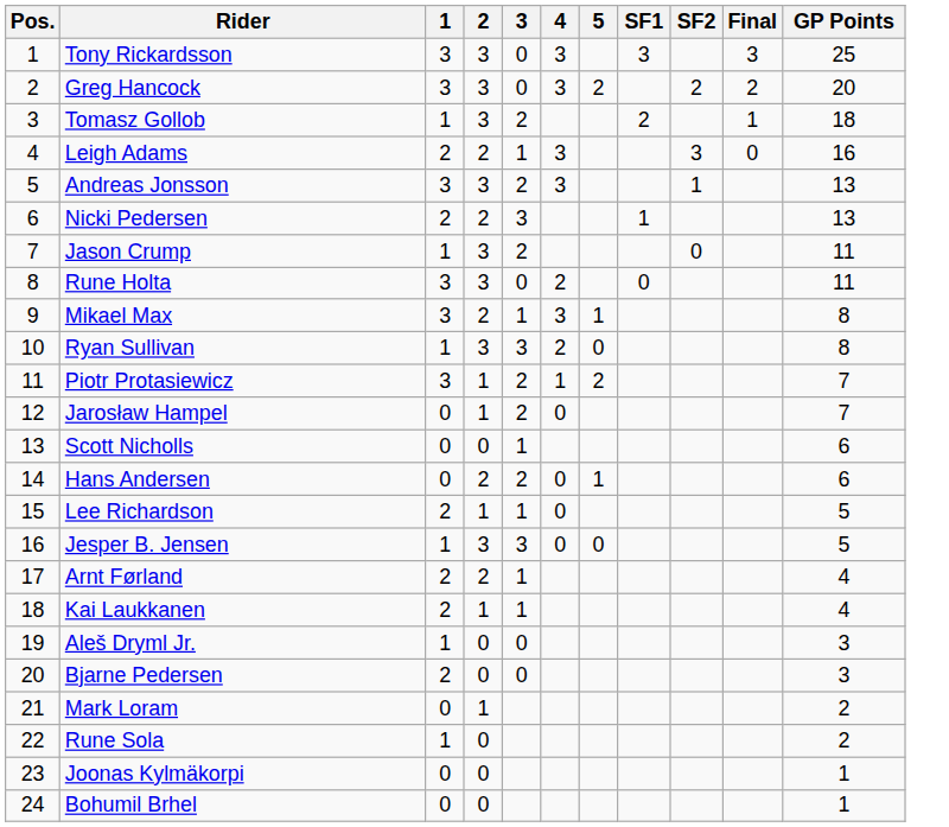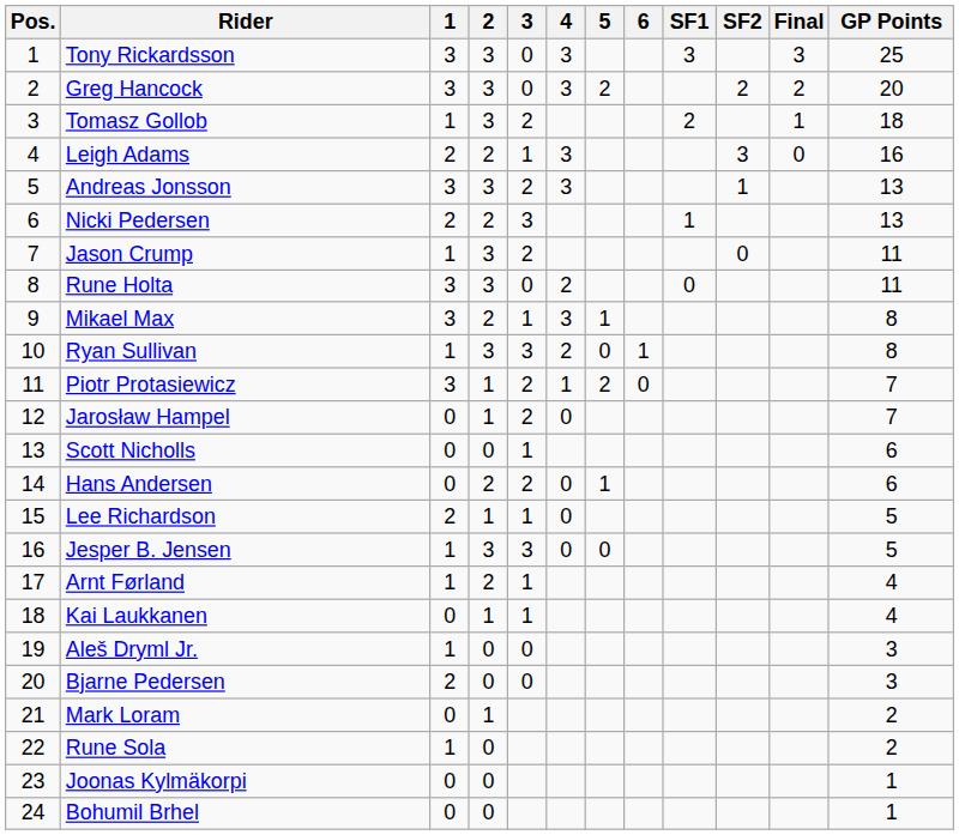 <table class=wikitable style="font-size:93%;">
 <tr>
 <th width=25px>Pos.</th>
 <th width=250px>Rider</th>
 <th width=20px>1</th>
 <th width=20px>2</th>
 <th width=20px>3</th>
 <th width=20px>4</th>
 <th width=20px>5</th>
+<th width=20px>6</th>
 <th width=30px>SF1</th>
 <th width=30px>SF2</th>
 <th width=30px>Final</th>
 <th width=80px>GP Points</th>
 </tr>
 <tr align=center style="background-color:">
 <td>1</td>
 <td align=left> <a href='#'>Tony Rickardsson</a></td>
 <td>3</td>
 <td>3</td>
 <td>0</td>
 <td>3</td>
+<td></td>
 <td></td>
 <td>  3</td>
 <td></td>
 <td>3</td>
 <td>25</td>
 </tr>
 <tr align=center style="background-color:">
 <td>2</td>
 <td align=left> <a href='#'>Greg Hancock</a></td>
 <td>3</td>
 <td>3</td>
 <td>0</td>
 <td>3</td>
 <td>2</td>
 <td></td>
+<td></td>
 <td>2</td>
 <td>2</td>
 <td>20</td>
 </tr>
 <tr align=center style="background-color:">
 <td>3</td>
 <td align=left> <a href='#'>Tomasz Gollob</a></td>
 <td>1</td>
 <td>3</td>
 <td>2</td>
+<td></td>
 <td></td>
 <td></td>
 <td>2</td>
 <td></td>
 <td>1</td>
 <td>18</td>
 </tr>
 <tr align=center>
 <td>4</td>
 <td align=left> <a href='#'>Leigh Adams</a></td>
 <td>2</td>
 <td>2</td>
 <td>1</td>
 <td>3</td>
 <td></td>
 <td></td>
+<td></td>
 <td>3</td>
 <td>0</td>
 <td>16</td>
 </tr>
 <tr align=center>
 <td>5</td>
 <td align=left> <a href='#'>Andreas Jonsson</a></td>
 <td>3</td>
 <td>3</td>
 <td>2</td>
 <td>3</td>
 <td></td>
 <td></td>
+<td></td>
 <td>1</td>
 <td></td>
 <td>13</td>
 </tr>
 <tr align=center>
 <td>6</td>
 <td align=left> <a href='#'>Nicki Pedersen</a></td>
 <td>2</td>
 <td>2</td>
 <td>3</td>
+<td></td>
 <td></td>
 <td></td>
 <td>1</td>
 <td></td>
 <td></td>
 <td>13</td>
 </tr>
 <tr align=center>
 <td>7</td>
 <td align=left> <a href='#'>Jason Crump</a></td>
 <td>1</td>
 <td>3</td>
 <td>2</td>
 <td></td>
 <td></td>
 <td></td>
+<td></td>
 <td>0</td>
 <td></td>
 <td>11</td>
 </tr>
 <tr align=center>
 <td>8</td>
 <td align=left> <a href='#'>Rune Holta</a></td>
 <td>3</td>
 <td>3</td>
 <td>0</td>
 <td>2</td>
+<td></td>
 <td></td>
 <td>0</td>
 <td></td>
 <td></td>
 <td>11</td>
 </tr>
 <tr align=center>
 <td>9</td>
 <td align=left> <a href='#'>Mikael Max</a></td>
 <td>3</td>
 <td>2</td>
 <td>1</td>
 <td>3</td>
 <td>1</td>
 <td></td>
 <td></td>
 <td></td>
+<td></td>
 <td>8</td>
 </tr>
 <tr align=center>
 <td>10</td>
 <td align=left> <a href='#'>Ryan Sullivan</a></td>
 <td>1</td>
 <td>3</td>
 <td>3</td>
 <td>2</td>
 <td>0</td>
+<td>1</td>
 <td></td>
 <td></td>
 <td></td>
 <td>8</td>
 </tr>
 <tr align=center>
 <td>11</td>
 <td align=left> <a href='#'>Piotr Protasiewicz</a></td>
 <td>3</td>
 <td>1</td>
 <td>2</td>
 <td>1</td>
 <td>2</td>
+<td>0</td>
 <td></td>
 <td></td>
 <td></td>
 <td>7</td>
 </tr>
 <tr align=center>
 <td>12</td>
 <td align=left> <a href='#'>Jarosław Hampel</a></td>
 <td>0</td>
 <td>1</td>
 <td>2</td>
 <td>0</td>
 <td></td>
 <td></td>
 <td></td>
 <td></td>
+<td></td>
 <td>7</td>
 </tr>
 <tr align=center>
 <td>13</td>
 <td align=left> <a href='#'>Scott Nicholls</a></td>
 <td>0</td>
 <td>0</td>
 <td>1</td>
+<td></td>
 <td></td>
 <td></td>
 <td></td>
 <td></td>
 <td></td>
 <td>6</td>
 </tr>
 <tr align=center>
 <td>14</td>
 <td align=left> <a href='#'>Hans Andersen</a></td>
 <td>0</td>
 <td>2</td>
 <td>2</td>
 <td>0</td>
 <td>1</td>
 <td></td>
 <td></td>
 <td></td>
+<td></td>
 <td>6</td>
 </tr>
 <tr align=center>
 <td>15</td>
 <td align=left> <a href='#'>Lee Richardson</a></td>
 <td>2</td>
 <td>1</td>
 <td>1</td>
 <td>0</td>
+<td></td>
 <td></td>
 <td></td>
 <td></td>
 <td></td>
 <td>5</td>
 </tr>
 <tr align=center>
 <td>16</td>
 <td align=left> <a href='#'>Jesper B. Jensen</a></td>
 <td>1</td>
 <td>3</td>
 <td>3</td>
 <td>0</td>
 <td>0</td>
 <td></td>
 <td></td>
 <td></td>
+<td></td>
 <td>5</td>
 </tr>
 <tr align=center>
 <td>17</td>
 <td align=left> <a href='#'>Arnt Førland</a></td>
-<td>2</td>
+<td>1</td>
 <td>2</td>
 <td>1</td>
+<td></td>
 <td></td>
 <td></td>
 <td></td>
 <td></td>
 <td></td>
 <td>4</td>
 </tr>
 <tr align=center>
 <td>18</td>
 <td align=left> <a href='#'>Kai Laukkanen</a></td>
-<td>2</td>
+<td>0</td>
 <td>1</td>
 <td>1</td>
+<td></td>
 <td></td>
 <td></td>
 <td></td>
 <td></td>
 <td></td>
 <td>4</td>
 </tr>
 <tr align=center>
 <td>19</td>
 <td align=left> <a href='#'>Aleš Dryml Jr.</a></td>
 <td>1</td>
 <td>0</td>
 <td>0</td>
 <td></td>
 <td></td>
 <td></td>
 <td></td>
 <td></td>
+<td></td>
 <td>3</td>
 </tr>
 <tr align=center>
 <td>20</td>
 <td align=left> <a href='#'>Bjarne Pedersen</a></td>
 <td>2</td>
 <td>0</td>
 <td>0</td>
 <td></td>
 <td></td>
 <td></td>
 <td></td>
 <td></td>
+<td></td>
 <td>3</td>
 </tr>
 <tr align=center>
 <td>21</td>
 <td align=left> <a href='#'>Mark Loram</a></td>
 <td>0</td>
 <td>1</td>
+<td></td>
 <td></td>
 <td></td>
 <td></td>
 <td></td>
 <td></td>
 <td></td>
 <td>2</td>
 </tr>
 <tr align=center>
 <td>22</td>
 <td align=left> <a href='#'>Rune Sola</a></td>
 <td>1</td>
 <td>0</td>
 <td></td>
 <td></td>
 <td></td>
 <td></td>
 <td></td>
 <td></td>
+<td></td>
 <td>2</td>
 </tr>
 <tr align=center>
 <td>23</td>
 <td align=left> <a href='#'>Joonas Kylmäkorpi</a></td>
 <td>0</td>
 <td>0</td>
+<td></td>
 <td></td>
 <td></td>
 <td></td>
 <td></td>
 <td></td>
 <td></td>
 <td>1</td>
 </tr>
 <tr align=center>
 <td>24</td>
 <td align=left> <a href='#'>Bohumil Brhel</a></td>
 <td>0</td>
 <td>0</td>
 <td></td>
 <td></td>
 <td></td>
 <td></td>
 <td></td>
 <td></td>
+<td></td>
 <td>1</td>
 </tr>
 </table>
